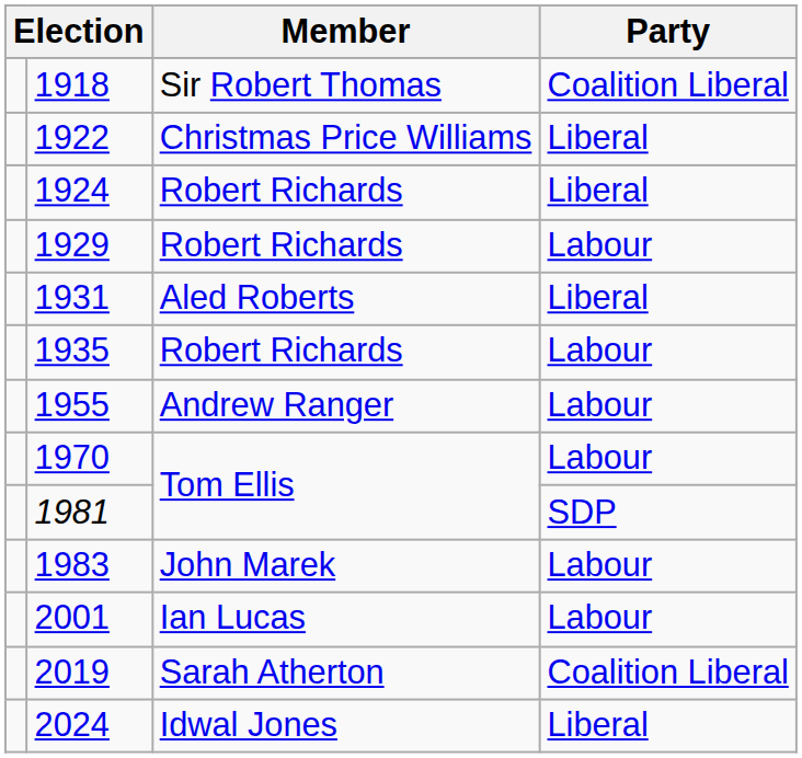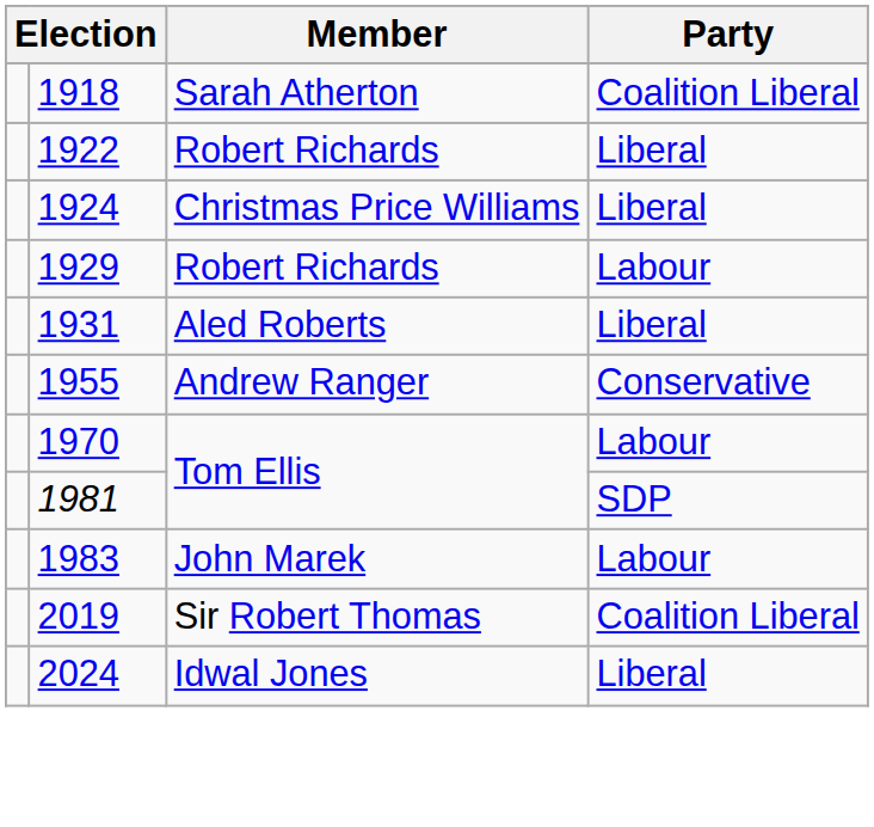 <table class="wikitable">
 <tr>
 <th colspan="2">Election</th>
 <th>Member</th>
 <th>Party</th>
 </tr>
 <tr>
 <td style="background-color: "></td>
 <td><a href='#'>1918</a></td>
-<td>Sir <a href='#'>Robert Thomas</a></td>
+<td><a href='#'>Sarah Atherton</a></td>
 <td><a href='#'>Coalition Liberal</a></td>
 </tr>
 <tr>
 <td style="background-color: "></td>
 <td><a href='#'>1922</a></td>
-<td><a href='#'>Christmas Price Williams</a></td>
+<td><a href='#'>Robert Richards</a></td>
 <td><a href='#'>Liberal</a></td>
 </tr>
 <tr>
 <td style="background-color: "></td>
 <td><a href='#'>1924</a></td>
-<td><a href='#'>Robert Richards</a></td>
+<td><a href='#'>Christmas Price Williams</a></td>
 <td><a href='#'>Liberal</a></td>
 </tr>
 <tr>
 <td style="background-color: "></td>
 <td><a href='#'>1929</a></td>
 <td><a href='#'>Robert Richards</a></td>
 <td><a href='#'>Labour</a></td>
 </tr>
 <tr>
 <td style="background-color: "></td>
 <td><a href='#'>1931</a></td>
 <td><a href='#'>Aled Roberts</a></td>
 <td><a href='#'>Liberal</a></td>
 </tr>
 <tr>
 <td style="background-color: "></td>
-<td><a href='#'>1935</a></td>
-<td><a href='#'>Robert Richards</a></td>
-<td><a href='#'>Labour</a></td>
-</tr>
-<tr>
-<td style="background-color: "></td>
 <td><a href='#'>1955</a></td>
 <td><a href='#'>Andrew Ranger</a></td>
-<td><a href='#'>Labour</a></td>
+<td><a href='#'>Conservative</a></td>
 </tr>
 <tr>
 <td style="background-color: "></td>
 <td><a href='#'>1970</a></td>
 <td rowspan="2"><a href='#'>Tom Ellis</a></td>
 <td><a href='#'>Labour</a></td>
 </tr>
 <tr>
 <td style="background-color: "></td>
 <td><em>1981</em></td>
 <td><a href='#'>SDP</a></td>
 </tr>
 <tr>
 <td style="background-color: "></td>
 <td><a href='#'>1983</a></td>
 <td><a href='#'>John Marek</a></td>
 <td><a href='#'>Labour</a></td>
 </tr>
 <tr>
 <td style="background-color: "></td>
-<td><a href='#'>2001</a></td>
-<td><a href='#'>Ian Lucas</a></td>
-<td><a href='#'>Labour</a></td>
-</tr>
-<tr>
-<td style="background-color: "></td>
 <td><a href='#'>2019</a></td>
-<td><a href='#'>Sarah Atherton</a></td>
+<td>Sir <a href='#'>Robert Thomas</a></td>
 <td><a href='#'>Coalition Liberal</a></td>
 </tr>
 <tr>
 <td style="background-color: "></td>
 <td><a href='#'>2024</a></td>
 <td><a href='#'>Idwal Jones</a></td>
 <td><a href='#'>Liberal</a></td>
 </tr>
 </table>
